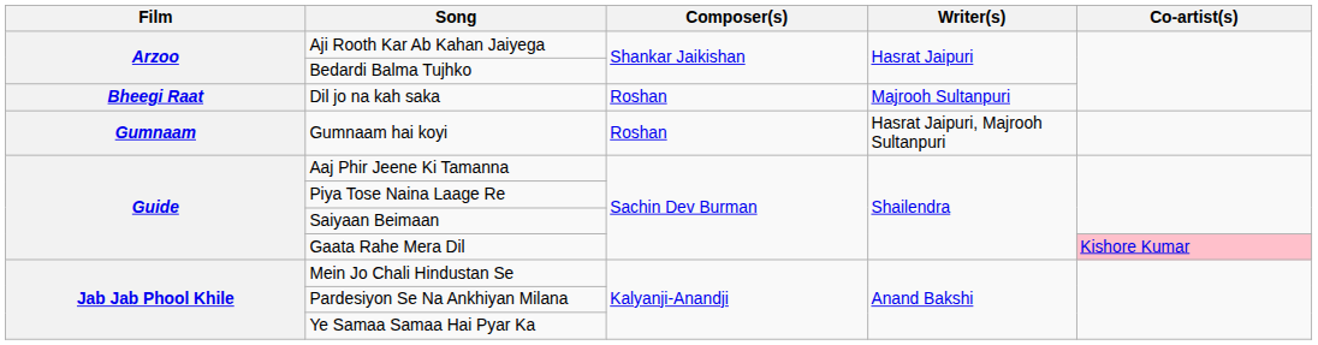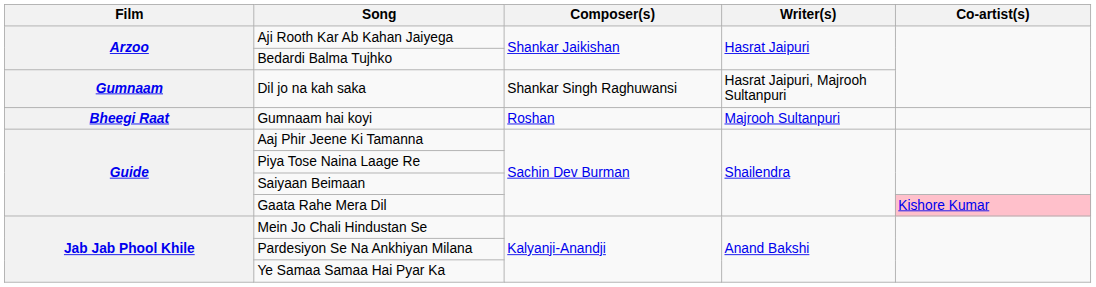 <table class="wikitable plainrowheaders" style="width:100%; textcolor:#000">
 <tr style="background:#b0e0e66;">
 <th scope="col" style="width:23%;"><strong>Film</strong></th>
 <th scope="col" style="width:23%;"><strong>Song</strong></th>
 <th scope="col" style="width:20%;"><strong>Composer(s)</strong></th>
 <th scope="col" style="width:16%;"><strong>Writer(s)</strong></th>
 <th scope="col" style="width:18%;"><strong>Co-artist(s)</strong></th>
 </tr>
 <tr>
 <th rowspan="2"><a href='#'><em>Arzoo</em></a></th>
 <td>Aji Rooth Kar Ab Kahan Jaiyega</td>
 <td rowspan=2><a href='#'>Shankar Jaikishan</a></td>
 <td rowspan=2><a href='#'>Hasrat Jaipuri</a></td>
 <td rowspan=3></td>
 </tr>
 <tr>
 <td>Bedardi Balma Tujhko</td>
 </tr>
 <tr>
+<th><em><a href='#'>Gumnaam</a></em></th>
+<td>Dil jo na kah saka</td>
+<td>Shankar Singh Raghuwansi</td>
+<td>Hasrat Jaipuri, Majrooh Sultanpuri</td>
+</tr>
+<tr>
 <th><em><a href='#'>Bheegi Raat</a></em></th>
-<td>Dil jo na kah saka</td>
+<td>Gumnaam hai koyi</td>
 <td><a href='#'>Roshan</a></td>
 <td><a href='#'>Majrooh Sultanpuri</a></td>
-</tr>
-<tr>
-<th><em><a href='#'>Gumnaam</a></em></th>
-<td>Gumnaam hai koyi</td>
-<td><a href='#'>Roshan</a></td>
-<td>Hasrat Jaipuri, Majrooh Sultanpuri</td>
 <td></td>
 </tr>
 <tr>
 <th rowspan="4"><a href='#'><em>Guide</em></a></th>
 <td>Aaj Phir Jeene Ki Tamanna</td>
 <td rowspan="4"><a href='#'>Sachin Dev Burman</a></td>
 <td rowspan="4"><a href='#'>Shailendra</a></td>
 <td rowspan="3"></td>
 </tr>
 <tr>
 <td>Piya Tose Naina Laage Re</td>
 </tr>
 <tr>
 <td>Saiyaan Beimaan</td>
 </tr>
 <tr>
 <td>Gaata Rahe Mera Dil</td>
 <td style="background: pink;"><a href='#'>Kishore Kumar</a></td>
 </tr>
 <tr>
 <th rowspan="3"><a href='#'>Jab Jab Phool Khile</a></th>
 <td>Mein Jo Chali Hindustan Se</td>
 <td rowspan="3"><a href='#'>Kalyanji-Anandji</a></td>
 <td rowspan="3"><a href='#'>Anand Bakshi</a></td>
 <td rowspan=3></td>
 </tr>
 <tr>
 <td>Pardesiyon Se Na Ankhiyan Milana</td>
 </tr>
 <tr>
 <td>Ye Samaa Samaa Hai Pyar Ka</td>
 </tr>
 </table>
